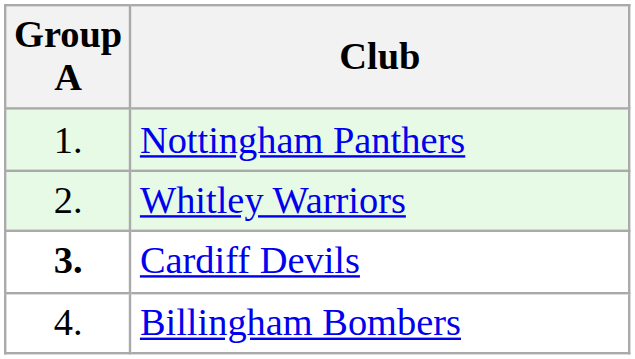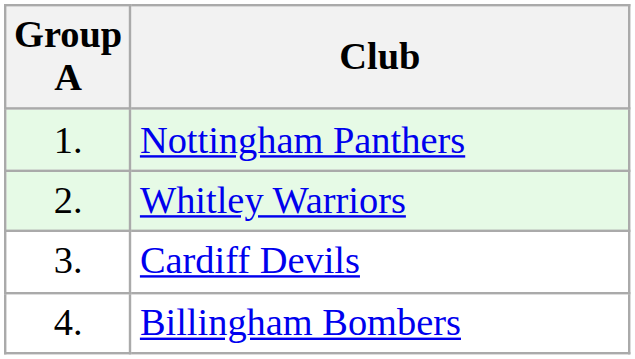 <table class="wikitable">
 <tr>
 <th width="30">Group A</th>
 <th width="200">Club</th>
 </tr>
 <tr bgcolor="#e6fae6" align="center">
 <td>1.</td>
 <td style="text-align: left"><a href='#'>Nottingham Panthers</a></td>
 </tr>
 <tr bgcolor="#e6fae6" align="center">
 <td>2.</td>
 <td style="text-align: left"><a href='#'>Whitley Warriors</a></td>
 </tr>
 <tr bgcolor="#FFFFFF" align="center">
-<td><strong>3.</strong></td>
+<td>3.</td>
 <td style="text-align: left"><a href='#'>Cardiff Devils</a></td>
 </tr>
 <tr bgcolor="#FFFFFF" align="center">
 <td>4.</td>
 <td style="text-align: left"><a href='#'>Billingham Bombers</a></td>
 </tr>
 </table>
